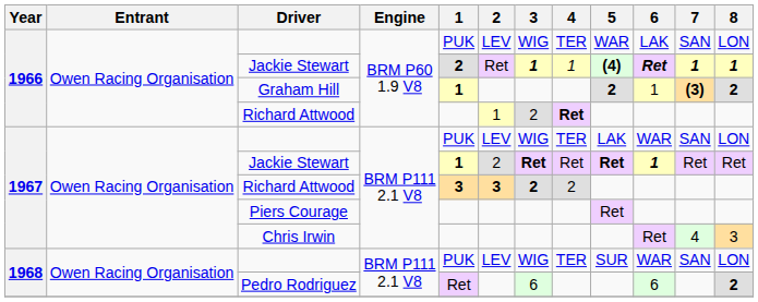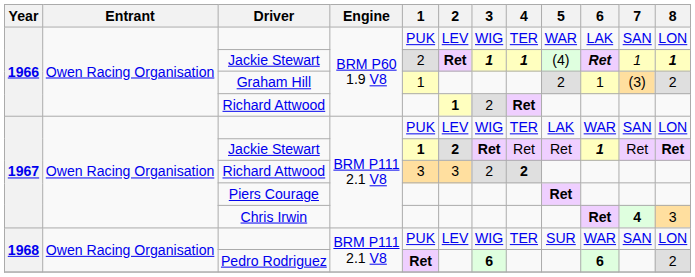 <table class="wikitable" style="text-align:center; font-size:90%">
 <tr>
 <th>Year</th>
 <th>Entrant</th>
 <th>Driver</th>
 <th>Engine</th>
 <th>1</th>
 <th>2</th>
 <th>3</th>
 <th>4</th>
 <th>5</th>
 <th>6</th>
 <th>7</th>
 <th>8</th>
 </tr>
 <tr>
 <th rowspan=4><a href='#'>1966</a></th>
 <td rowspan=4><a href='#'>Owen Racing Organisation</a></td>
 <td></td>
 <td rowspan=4><a href='#'>BRM P60</a><br> 1.9 <a href='#'>V8</a></td>
 <td><a href='#'>PUK</a></td>
 <td><a href='#'>LEV</a></td>
 <td><a href='#'>WIG</a></td>
 <td><a href='#'>TER</a></td>
 <td><a href='#'>WAR</a></td>
 <td><a href='#'>LAK</a></td>
 <td><a href='#'>SAN</a></td>
 <td><a href='#'>LON</a></td>
 </tr>
 <tr>
 <td><a href='#'>Jackie Stewart</a></td>
-<td style="background:#dfdfdf;"><strong>2</strong></td>
-<td style="background:#efcfff;">Ret</td>
+<td style="background:#dfdfdf;">2</td>
+<td style="background:#efcfff;"><strong>Ret</strong></td>
 <td style="background:#ffffbf;"><strong><em>1</em></strong></td>
+<td style="background:#ffffbf;"><strong><em>1</em></strong></td>
+<td style="background:#dfffdf;">(4)</td>
+<td style="background:#efcfff;"><strong><em>Ret</em></strong></td>
 <td style="background:#ffffbf;"><em>1</em></td>
-<td style="background:#dfffdf;"><strong>(4)</strong></td>
-<td style="background:#efcfff;"><strong><em>Ret</em></strong></td>
-<td style="background:#ffffbf;"><strong><em>1</em></strong></td>
 <td style="background:#ffffbf;"><strong><em>1</em></strong></td>
 </tr>
 <tr>
 <td><a href='#'>Graham Hill</a></td>
-<td style="background:#ffffbf;"><strong>1</strong></td>
+<td style="background:#ffffbf;">1</td>
 <td></td>
 <td></td>
 <td></td>
-<td style="background:#dfdfdf;"><strong>2</strong></td>
+<td style="background:#dfdfdf;">2</td>
 <td style="background:#ffffbf;">1</td>
-<td style="background:#ffdf9f;"><strong>(3)</strong></td>
-<td style="background:#dfdfdf;"><strong>2</strong></td>
+<td style="background:#ffdf9f;">(3)</td>
+<td style="background:#dfdfdf;">2</td>
 </tr>
 <tr>
 <td><a href='#'>Richard Attwood</a></td>
 <td></td>
-<td style="background:#ffffbf;">1</td>
+<td style="background:#ffffbf;"><strong>1</strong></td>
 <td style="background:#dfdfdf;">2</td>
 <td style="background:#efcfff;"><strong>Ret</strong></td>
 <td></td>
 <td></td>
 <td></td>
 <td></td>
 </tr>
 <tr>
 <th rowspan=5><a href='#'>1967</a></th>
 <td rowspan=5><a href='#'>Owen Racing Organisation</a></td>
 <td></td>
 <td rowspan=5><a href='#'>BRM P111</a><br> 2.1 <a href='#'>V8</a></td>
 <td><a href='#'>PUK</a></td>
 <td><a href='#'>LEV</a></td>
 <td><a href='#'>WIG</a></td>
 <td><a href='#'>TER</a></td>
 <td><a href='#'>LAK</a></td>
 <td><a href='#'>WAR</a></td>
 <td><a href='#'>SAN</a></td>
 <td><a href='#'>LON</a></td>
 </tr>
 <tr>
 <td><a href='#'>Jackie Stewart</a></td>
 <td style="background:#ffffbf;"><strong>1</strong></td>
-<td style="background:#dfdfdf;">2</td>
+<td style="background:#dfdfdf;"><strong>2</strong></td>
 <td style="background:#efcfff;"><strong>Ret</strong></td>
 <td style="background:#efcfff;">Ret</td>
-<td style="background:#efcfff;"><strong>Ret</strong></td>
+<td style="background:#efcfff;">Ret</td>
 <td style="background:#ffffbf;"><strong><em>1</em></strong></td>
 <td style="background:#efcfff;">Ret</td>
-<td style="background:#efcfff;">Ret</td>
+<td style="background:#efcfff;"><strong>Ret</strong></td>
 </tr>
 <tr>
 <td><a href='#'>Richard Attwood</a></td>
-<td style="background:#ffdf9f;"><strong>3</strong></td>
-<td style="background:#ffdf9f;"><strong>3</strong></td>
+<td style="background:#ffdf9f;">3</td>
+<td style="background:#ffdf9f;">3</td>
+<td style="background:#dfdfdf;">2</td>
 <td style="background:#dfdfdf;"><strong>2</strong></td>
-<td style="background:#dfdfdf;">2</td>
 <td></td>
 <td></td>
 <td></td>
 <td></td>
 </tr>
 <tr>
 <td><a href='#'>Piers Courage</a></td>
 <td></td>
 <td></td>
 <td></td>
 <td></td>
-<td style="background:#efcfff;">Ret</td>
+<td style="background:#efcfff;"><strong>Ret</strong></td>
 <td></td>
 <td></td>
 <td></td>
 </tr>
 <tr>
 <td><a href='#'>Chris Irwin</a></td>
 <td></td>
 <td></td>
 <td></td>
 <td></td>
 <td></td>
-<td style="background:#efcfff;">Ret</td>
-<td style="background:#dfffdf;">4</td>
+<td style="background:#efcfff;"><strong>Ret</strong></td>
+<td style="background:#dfffdf;"><strong>4</strong></td>
 <td style="background:#ffdf9f;">3</td>
 </tr>
 <tr>
 <th rowspan=2><a href='#'>1968</a></th>
 <td rowspan=2><a href='#'>Owen Racing Organisation</a></td>
 <td></td>
 <td rowspan=2><a href='#'>BRM P111</a><br> 2.1 <a href='#'>V8</a></td>
 <td><a href='#'>PUK</a></td>
 <td><a href='#'>LEV</a></td>
 <td><a href='#'>WIG</a></td>
 <td><a href='#'>TER</a></td>
 <td><a href='#'>SUR</a></td>
 <td><a href='#'>WAR</a></td>
 <td><a href='#'>SAN</a></td>
 <td><a href='#'>LON</a></td>
 </tr>
 <tr>
 <td><a href='#'>Pedro Rodriguez</a></td>
-<td style="background:#efcfff;">Ret</td>
+<td style="background:#efcfff;"><strong>Ret</strong></td>
 <td></td>
-<td style="background:#dfffdf;">6</td>
+<td style="background:#dfffdf;"><strong>6</strong></td>
 <td></td>
 <td></td>
-<td style="background:#dfffdf;">6</td>
+<td style="background:#dfffdf;"><strong>6</strong></td>
 <td></td>
-<td style="background:#dfdfdf;"><strong>2</strong></td>
+<td style="background:#dfdfdf;">2</td>
 </tr>
 <tr>
 </tr>
 </table>
